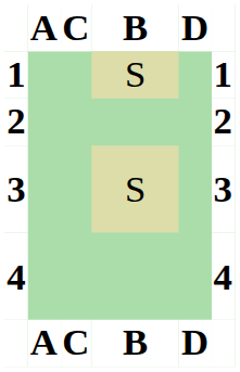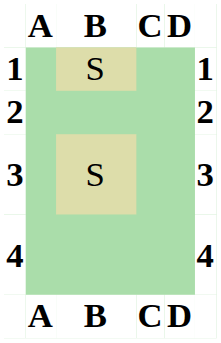 <table style="text-align:center;border-spacing:0px;background:#ada;">
 <tr style="background:#fff;">
 <th> </th>
 <th>A</th>
+<th>B</th>
 <th>C</th>
-<th>B</th>
 <th>D</th>
 <th> </th>
 </tr>
 <tr>
 <th style="background:#fff;">1</th>
 <td></td>
+<td style="background:#dda;">S</td>
 <td></td>
-<td style="background:#dda;">S</td>
 <td></td>
 <th style="background:#fff;">1</th>
 </tr>
 <tr>
 <th style="background:#fff;">2</th>
 <td></td>
 <td></td>
 <td></td>
 <td></td>
 <th style="background:#fff;">2</th>
 </tr>
 <tr>
 <th style="background:#fff;height:35px;">3</th>
 <td></td>
+<td style="width:35px;background:#dda;">S</td>
 <td></td>
-<td style="width:35px;background:#dda;">S</td>
 <td></td>
 <th style="background:#fff;">3</th>
 </tr>
 <tr>
 <th style="background:#fff;height:35px;">4</th>
 <td></td>
 <td></td>
 <td></td>
 <td></td>
 <th style="background:#fff;">4</th>
 </tr>
 <tr style="background:#fff;">
 <th> </th>
 <th>A</th>
+<th>B</th>
 <th>C</th>
-<th>B</th>
 <th>D</th>
 <th> </th>
 </tr>
 </table>
